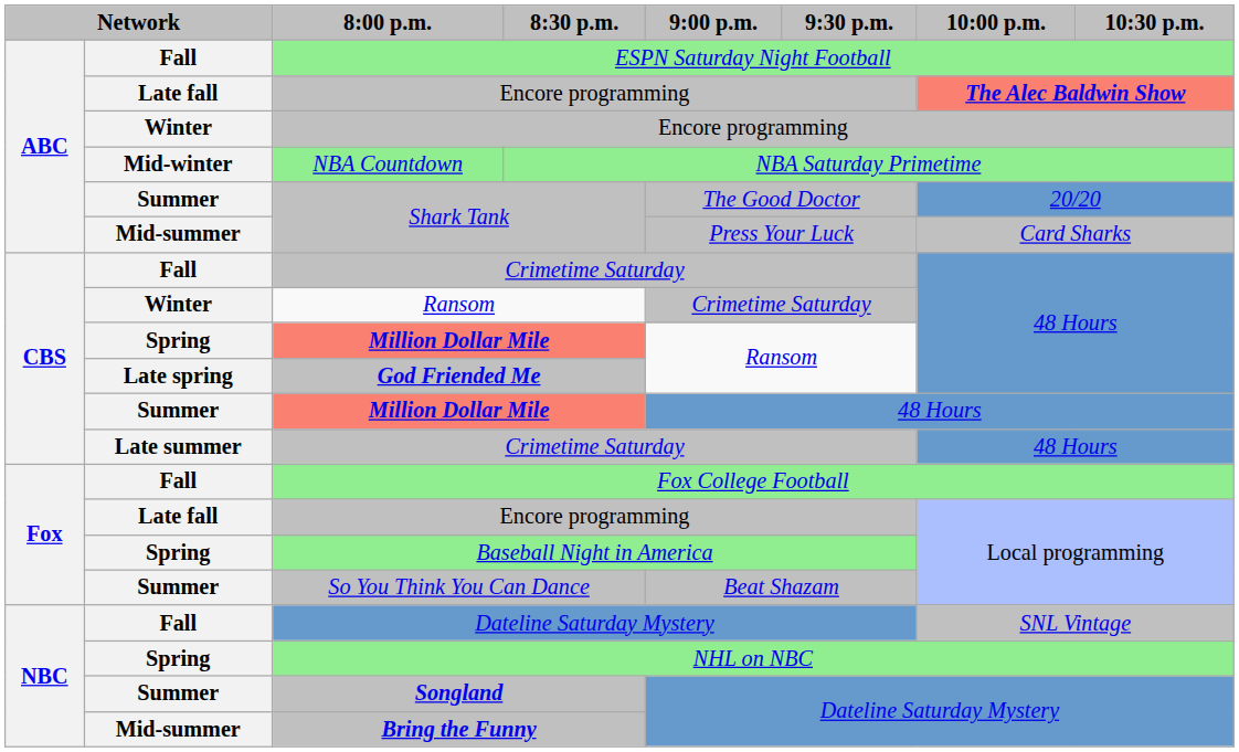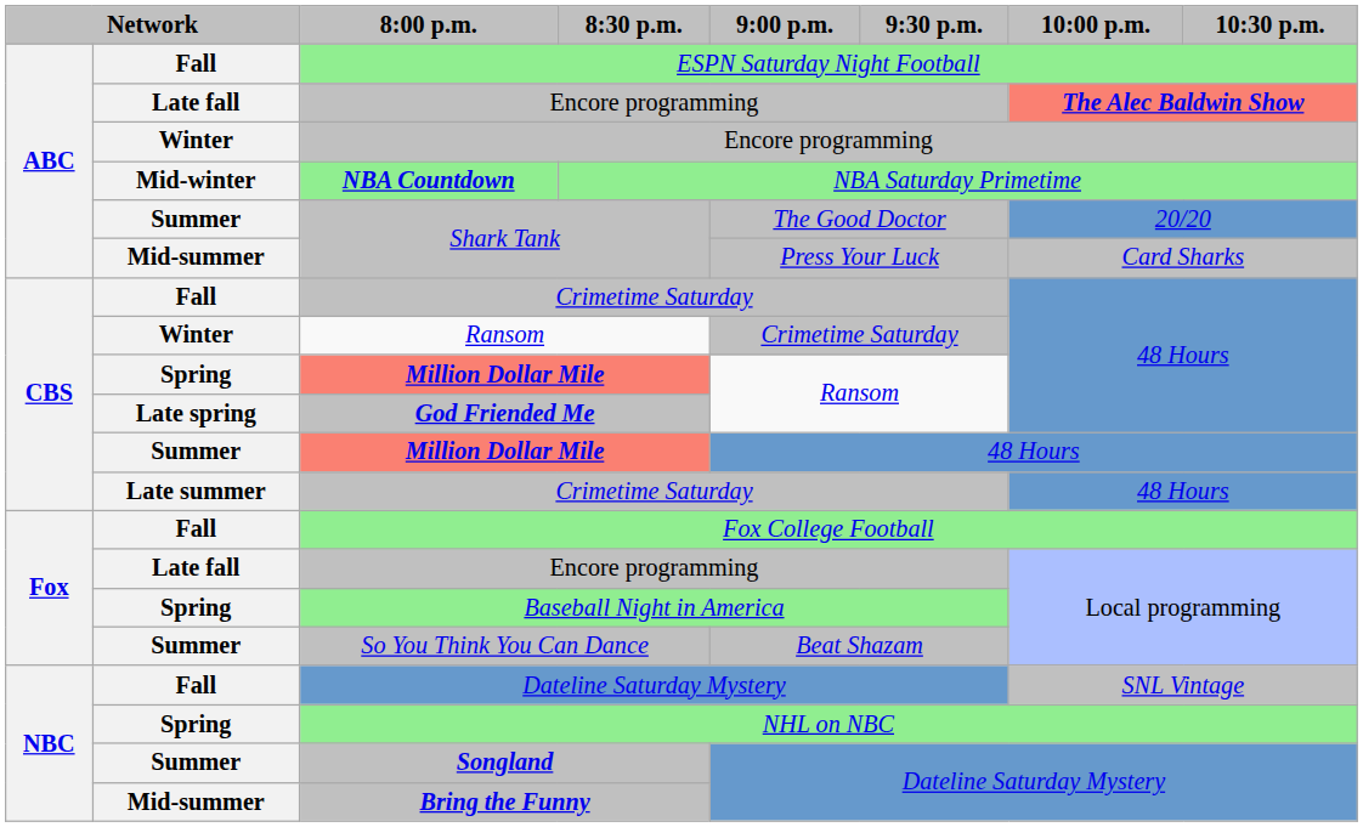 <table class="wikitable" style="width:100%;margin-right:0;text-align:center">
 <tr>
 <th colspan="2" style="background-color:#C0C0C0;text-align:center">Network</th>
 <th style="background-color:#C0C0C0;text-align:center">8:00 p.m.</th>
 <th style="background-color:#C0C0C0;text-align:center">8:30 p.m.</th>
 <th style="background-color:#C0C0C0;text-align:center">9:00 p.m.</th>
 <th style="background-color:#C0C0C0;text-align:center">9:30 p.m.</th>
 <th style="background-color:#C0C0C0;text-align:center">10:00 p.m.</th>
 <th style="background-color:#C0C0C0;text-align:center">10:30 p.m.</th>
 </tr>
 <tr>
 <th rowspan="6"><a href='#'>ABC</a></th>
 <th>Fall</th>
 <td colspan="6" style="background:lightgreen"><em><a href='#'>ESPN Saturday Night Football</a></em></td>
 </tr>
 <tr>
 <th>Late fall</th>
 <td colspan="4" style="background:#C0C0C0;">Encore programming</td>
 <td style="background:#FA8072;" colspan="2"><strong><em><a href='#'>The Alec Baldwin Show</a></em></strong></td>
 </tr>
 <tr>
 <th>Winter</th>
 <td colspan="6" style="background:#C0C0C0;">Encore programming</td>
 </tr>
 <tr>
 <th>Mid-winter</th>
-<td style="background:lightgreen;"><em><a href='#'>NBA Countdown</a></em></td>
+<td style="background:lightgreen;"><strong><em><a href='#'>NBA Countdown</a></em></strong></td>
 <td colspan="5" style="background:lightgreen;"><em><a href='#'>NBA Saturday Primetime</a></em></td>
 </tr>
 <tr>
 <th>Summer</th>
 <td rowspan="2" colspan="2" style="background:#C0C0C0;"><em><a href='#'>Shark Tank</a></em> </td>
 <td colspan="2" style="background:#C0C0C0;"><em><a href='#'>The Good Doctor</a></em> </td>
 <td colspan="2" style="background:#6699CC;"><em><a href='#'>20/20</a></em> </td>
 </tr>
 <tr>
 <th>Mid-summer</th>
 <td colspan="2" style="background:#C0C0C0;"><em><a href='#'>Press Your Luck</a></em> </td>
 <td colspan="2" style="background:#C0C0C0;"><em><a href='#'>Card Sharks</a></em> </td>
 </tr>
 <tr>
 <th rowspan="6"><a href='#'>CBS</a></th>
 <th>Fall</th>
 <td colspan="4" style="background:#C0C0C0;"><em><a href='#'>Crimetime Saturday</a></em></td>
 <td rowspan="4" colspan="2" style="background:#6699CC;"><em><a href='#'>48 Hours</a></em></td>
 </tr>
 <tr>
 <th>Winter</th>
 <td colspan="2"><em><a href='#'>Ransom</a></em></td>
 <td colspan="2" style="background:#C0C0C0;"><em><a href='#'>Crimetime Saturday</a></em></td>
 </tr>
 <tr>
 <th>Spring</th>
 <td style="background:#FA8072;" colspan="2"><strong><em><a href='#'>Million Dollar Mile</a></em></strong></td>
 <td rowspan="2" colspan="2"><em><a href='#'>Ransom</a></em></td>
 </tr>
 <tr>
 <th>Late spring</th>
 <td colspan="2" style="background:#C0C0C0;"><strong><em><a href='#'>God Friended Me</a></em></strong> </td>
 </tr>
 <tr>
 <th>Summer</th>
 <td style="background:#FA8072;" colspan="2"><strong><em><a href='#'>Million Dollar Mile</a></em></strong></td>
 <td colspan="4" style="background:#6699CC;"><em><a href='#'>48 Hours</a></em> </td>
 </tr>
 <tr>
 <th>Late summer</th>
 <td colspan="4" style="background:#C0C0C0;"><em><a href='#'>Crimetime Saturday</a></em></td>
 <td colspan="2" style="background:#6699CC;"><em><a href='#'>48 Hours</a></em> </td>
 </tr>
 <tr>
 <th rowspan="4"><a href='#'>Fox</a></th>
 <th>Fall</th>
 <td colspan="6" style="background:lightgreen"><em><a href='#'>Fox College Football</a></em> </td>
 </tr>
 <tr>
 <th>Late fall</th>
 <td colspan="4" style="background:#C0C0C0;">Encore programming</td>
 <td colspan="2" rowspan="3" style="background:#abbfff;">Local programming</td>
 </tr>
 <tr>
 <th>Spring</th>
 <td colspan="4" style="background:lightgreen"><em><a href='#'>Baseball Night in America</a></em> </td>
 </tr>
 <tr>
 <th>Summer</th>
 <td colspan="2" style="background:#C0C0C0;"><em><a href='#'>So You Think You Can Dance</a></em> </td>
 <td colspan="2" style="background:#C0C0C0;"><em><a href='#'>Beat Shazam</a></em> </td>
 </tr>
 <tr>
 <th rowspan="4"><a href='#'>NBC</a></th>
 <th>Fall</th>
 <td colspan="4" style="background:#6699CC;"><em><a href='#'>Dateline Saturday Mystery</a></em></td>
 <td colspan="2" style="background:#C0C0C0;"><em><a href='#'>SNL Vintage</a></em></td>
 </tr>
 <tr>
 <th>Spring</th>
 <td colspan="6" style="background:lightgreen"><em><a href='#'>NHL on NBC</a></em></td>
 </tr>
 <tr>
 <th>Summer</th>
 <td colspan="2" style="background:#C0C0C0;"><strong><em><a href='#'>Songland</a></em></strong> </td>
 <td rowspan="2" colspan="4" style="background:#6699CC;"><em><a href='#'>Dateline Saturday Mystery</a></em></td>
 </tr>
 <tr>
 <th>Mid-summer</th>
 <td colspan="2" style="background:#C0C0C0;"><strong><em><a href='#'>Bring the Funny</a></em></strong> </td>
 </tr>
 </table>
